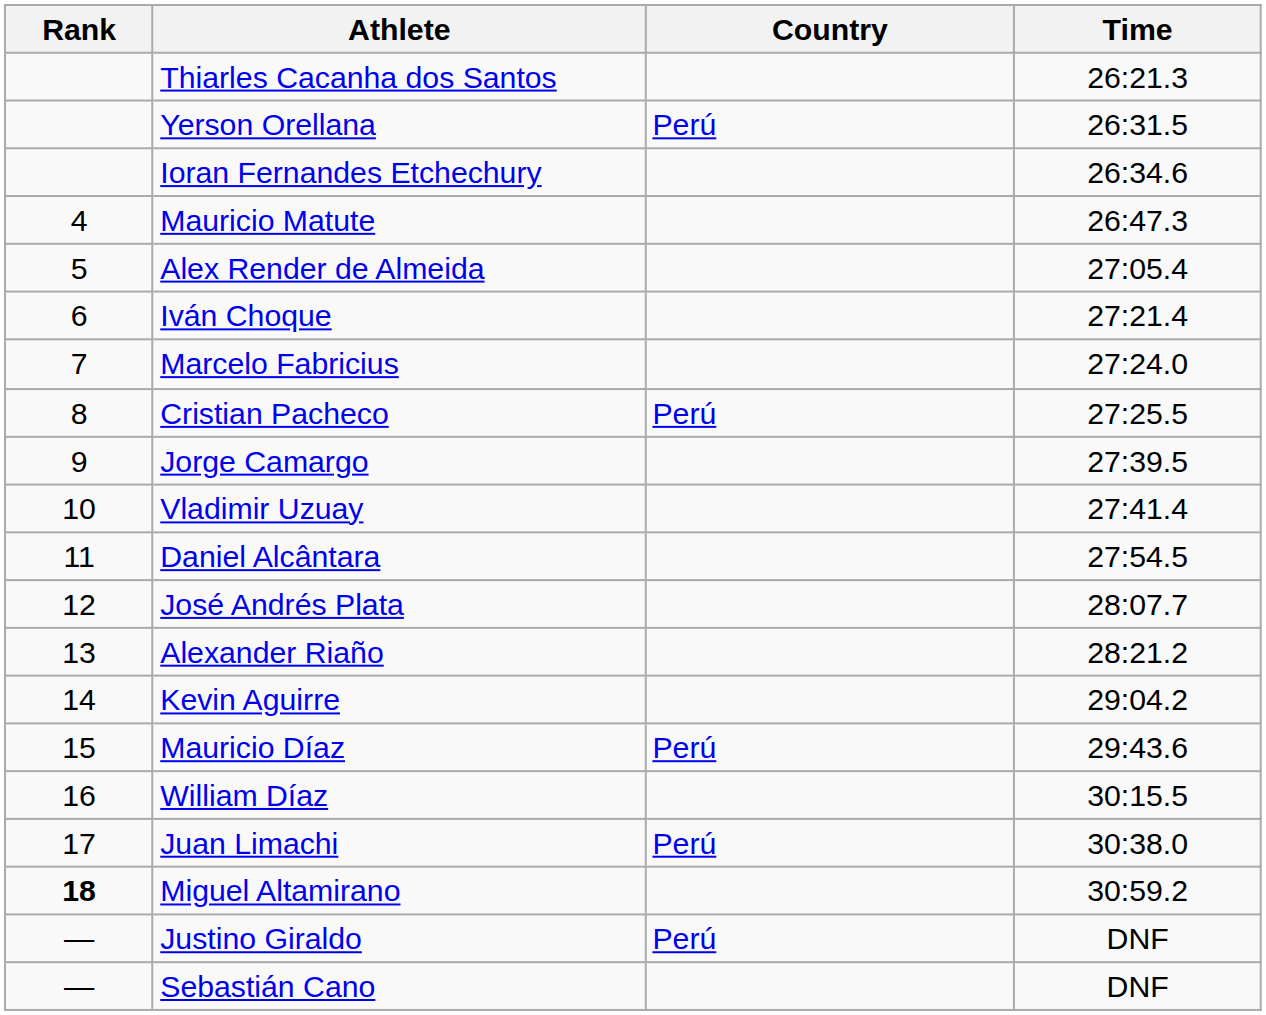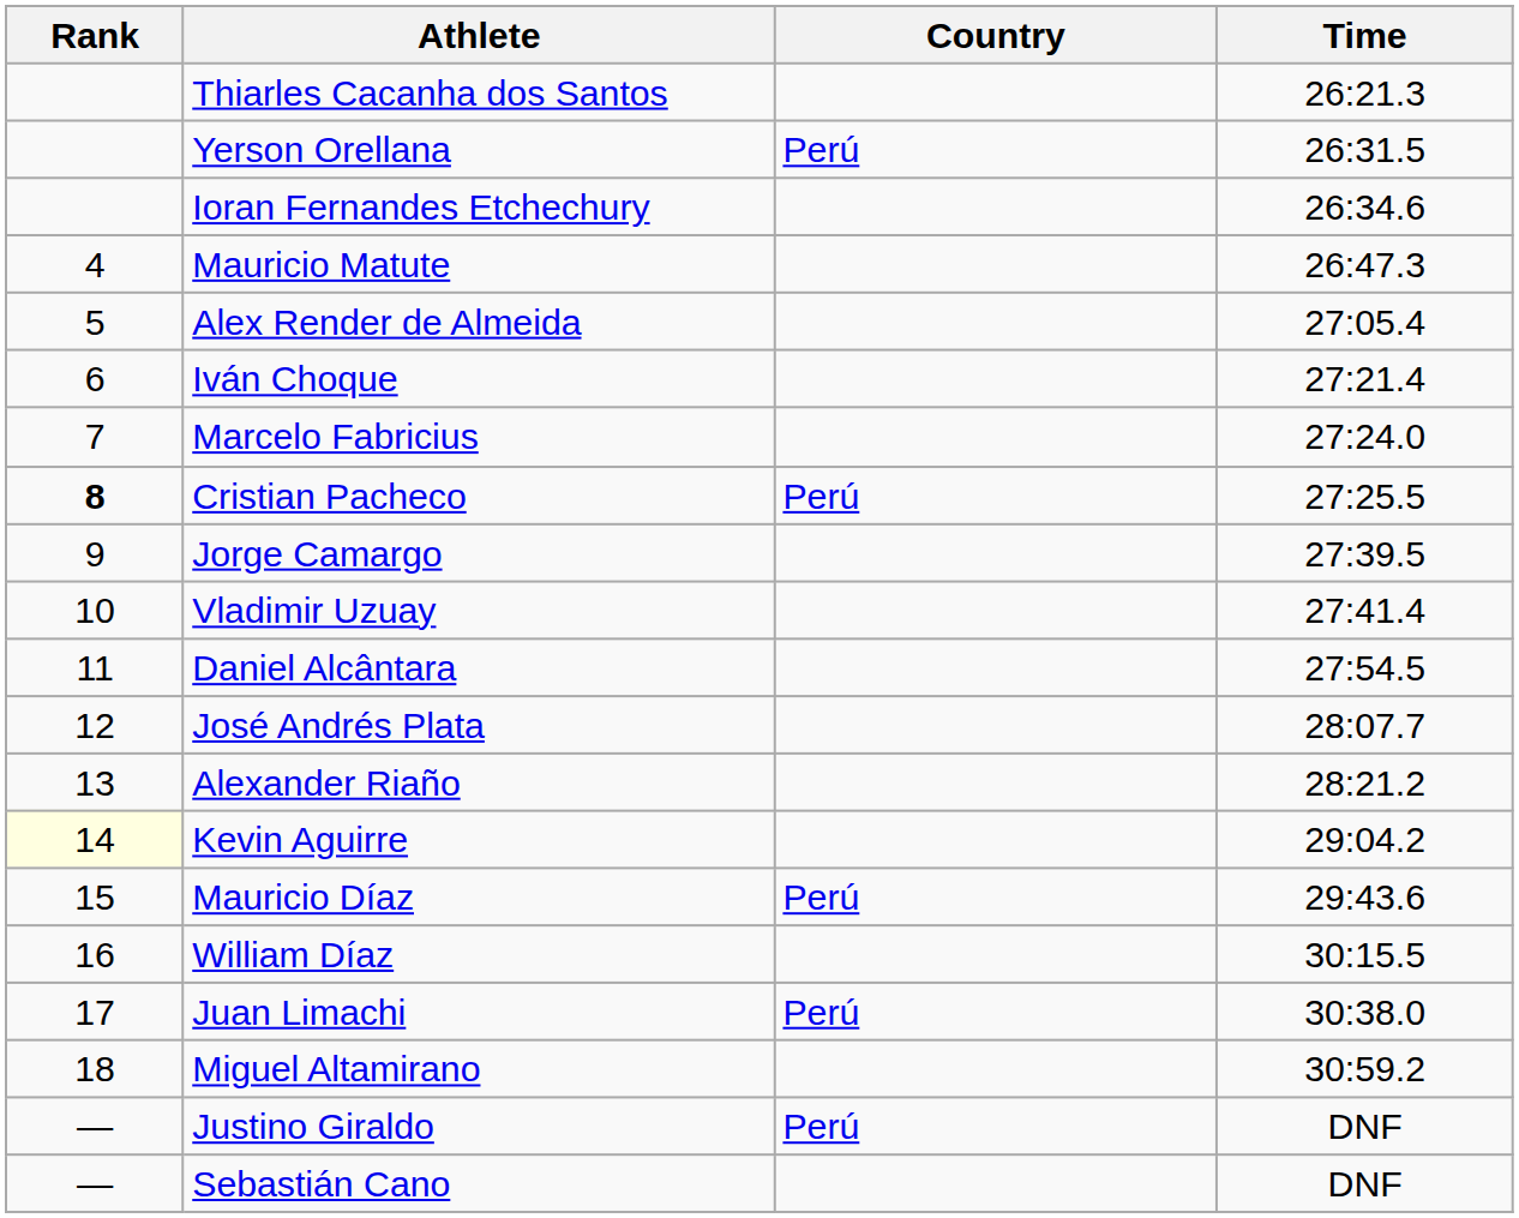 <table class="wikitable sortable" style=" text-align:center; font-size:95%;" width="50%">
 <tr>
 </tr>
 <tr>
 <th width=5%>Rank</th>
 <th width=20%>Athlete</th>
 <th width=15%>Country</th>
 <th width=10%>Time</th>
 </tr>
 <tr>
 <td align=center></td>
 <td align=left><a href='#'>Thiarles Cacanha dos Santos</a></td>
 <td align=left></td>
 <td>26:21.3</td>
 </tr>
 <tr>
 <td align=center></td>
 <td align=left><a href='#'>Yerson Orellana</a></td>
 <td align=left> <a href='#'>Perú</a></td>
 <td>26:31.5</td>
 </tr>
 <tr>
 <td align=center></td>
 <td align=left><a href='#'>Ioran Fernandes Etchechury</a></td>
 <td align=left></td>
 <td>26:34.6</td>
 </tr>
 <tr>
 <td align=center>4</td>
 <td align=left><a href='#'>Mauricio Matute</a></td>
 <td align=left></td>
 <td>26:47.3</td>
 </tr>
 <tr>
 <td align=center>5</td>
 <td align=left><a href='#'>Alex Render de Almeida</a></td>
 <td align=left></td>
 <td>27:05.4</td>
 </tr>
 <tr>
 <td align=center>6</td>
 <td align=left><a href='#'>Iván Choque</a></td>
 <td align=left></td>
 <td>27:21.4</td>
 </tr>
 <tr>
 <td align=center>7</td>
 <td align=left><a href='#'>Marcelo Fabricius</a></td>
 <td align=left></td>
 <td>27:24.0</td>
 </tr>
 <tr>
-<td align=center>8</td>
+<td align=center><strong>8</strong></td>
 <td align=left><a href='#'>Cristian Pacheco</a></td>
 <td align=left> <a href='#'>Perú</a></td>
 <td>27:25.5</td>
 </tr>
 <tr>
 <td align=center>9</td>
 <td align=left><a href='#'>Jorge Camargo</a></td>
 <td align=left></td>
 <td>27:39.5</td>
 </tr>
 <tr>
 <td align=center>10</td>
 <td align=left><a href='#'>Vladimir Uzuay</a></td>
 <td align=left></td>
 <td>27:41.4</td>
 </tr>
 <tr>
 <td align=center>11</td>
 <td align=left><a href='#'>Daniel Alcântara</a></td>
 <td align=left></td>
 <td>27:54.5</td>
 </tr>
 <tr>
 <td align=center>12</td>
 <td align=left><a href='#'>José Andrés Plata</a></td>
 <td align=left></td>
 <td>28:07.7</td>
 </tr>
 <tr>
 <td align=center>13</td>
 <td align=left><a href='#'>Alexander Riaño</a></td>
 <td align=left></td>
 <td>28:21.2</td>
 </tr>
 <tr>
-<td align=center>14</td>
+<td align=center style="background: lightyellow;">14</td>
 <td align=left><a href='#'>Kevin Aguirre</a></td>
 <td align=left></td>
 <td>29:04.2</td>
 </tr>
 <tr>
 <td align=center>15</td>
 <td align=left><a href='#'>Mauricio Díaz</a></td>
 <td align=left> <a href='#'>Perú</a></td>
 <td>29:43.6</td>
 </tr>
 <tr>
 <td align=center>16</td>
 <td align=left><a href='#'>William Díaz</a></td>
 <td align=left></td>
 <td>30:15.5</td>
 </tr>
 <tr>
 <td align=center>17</td>
 <td align=left><a href='#'>Juan Limachi</a></td>
 <td align=left> <a href='#'>Perú</a></td>
 <td>30:38.0</td>
 </tr>
 <tr>
-<td align=center><strong>18</strong></td>
+<td align=center>18</td>
 <td align=left><a href='#'>Miguel Altamirano</a></td>
 <td align=left></td>
 <td>30:59.2</td>
 </tr>
 <tr>
 <td align=center>—</td>
 <td align=left><a href='#'>Justino Giraldo</a></td>
 <td align=left> <a href='#'>Perú</a></td>
 <td>DNF</td>
 </tr>
 <tr>
 <td align=center>—</td>
 <td align=left><a href='#'>Sebastián Cano</a></td>
 <td align=left></td>
 <td>DNF</td>
 </tr>
 </table>
